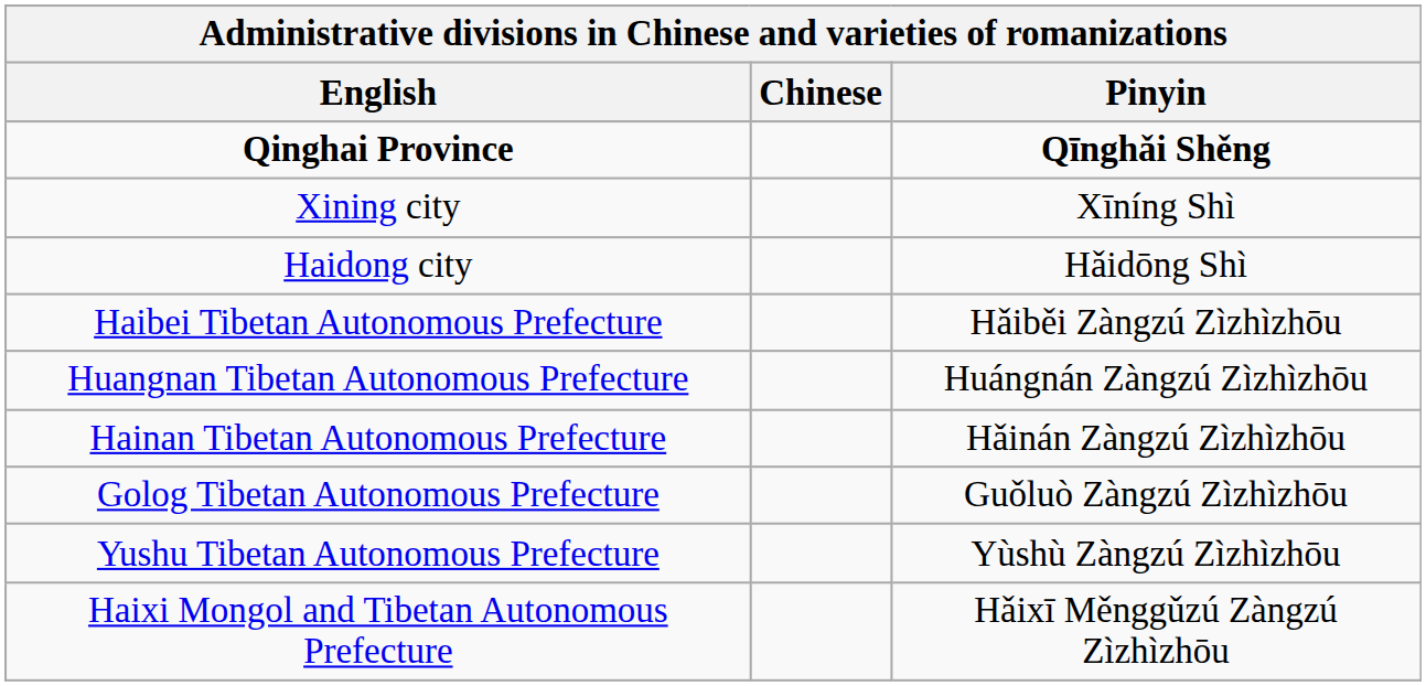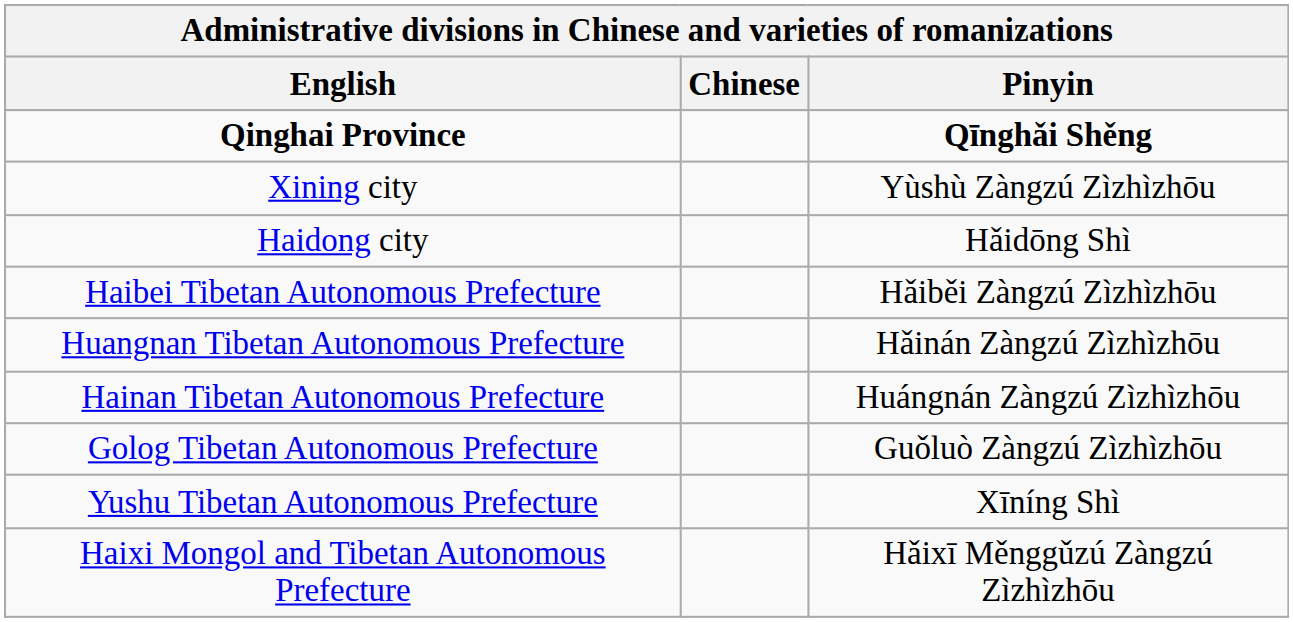 <table class="wikitable sortable collapsible collapsed" style="text-font:90%; width:auto; text-align:center; margin-left: auto; margin-right: auto;">
 <tr>
 <th colspan="5">Administrative divisions in Chinese and varieties of romanizations</th>
 </tr>
 <tr>
 <th>English</th>
 <th>Chinese</th>
 <th>Pinyin</th>
 </tr>
 <tr>
 <td><strong>Qinghai Province</strong></td>
 <td></td>
 <td><strong>Qīnghǎi Shěng</strong></td>
 </tr>
 <tr>
 <td><a href='#'>Xining</a> city</td>
 <td></td>
-<td>Xīníng Shì</td>
+<td>Yùshù Zàngzú Zìzhìzhōu</td>
 </tr>
 <tr>
 <td><a href='#'>Haidong</a> city</td>
 <td></td>
 <td>Hǎidōng Shì</td>
 </tr>
 <tr>
 <td><a href='#'>Haibei Tibetan Autonomous Prefecture</a></td>
 <td></td>
 <td>Hǎiběi Zàngzú Zìzhìzhōu</td>
 </tr>
 <tr>
 <td><a href='#'>Huangnan Tibetan Autonomous Prefecture</a></td>
 <td></td>
-<td>Huángnán Zàngzú Zìzhìzhōu</td>
+<td>Hǎinán Zàngzú Zìzhìzhōu</td>
 </tr>
 <tr>
 <td><a href='#'>Hainan Tibetan Autonomous Prefecture</a></td>
 <td></td>
-<td>Hǎinán Zàngzú Zìzhìzhōu</td>
+<td>Huángnán Zàngzú Zìzhìzhōu</td>
 </tr>
 <tr>
 <td><a href='#'>Golog Tibetan Autonomous Prefecture</a></td>
 <td></td>
 <td>Guǒluò Zàngzú Zìzhìzhōu</td>
 </tr>
 <tr>
 <td><a href='#'>Yushu Tibetan Autonomous Prefecture</a></td>
 <td></td>
-<td>Yùshù Zàngzú Zìzhìzhōu</td>
+<td>Xīníng Shì</td>
 </tr>
 <tr>
 <td><a href='#'>Haixi Mongol and Tibetan Autonomous Prefecture</a></td>
 <td></td>
 <td>Hǎixī Měnggǔzú Zàngzú Zìzhìzhōu</td>
 </tr>
 </table>
